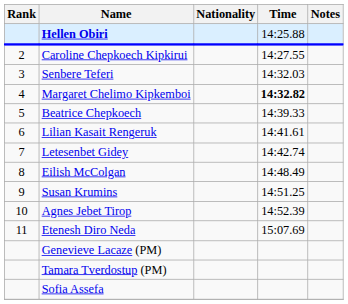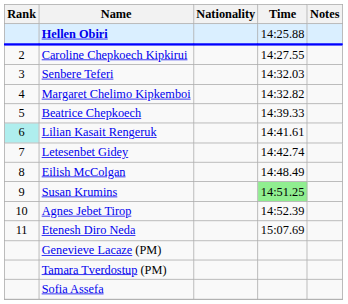 <table class="wikitable sortable" style="text-align:center">
 <tr>
 <th>Rank</th>
 <th>Name</th>
 <th>Nationality</th>
 <th>Time</th>
 <th>Notes</th>
 </tr>
 <tr bgcolor=#daefff>
 <td></td>
 <td align=left><strong><a href='#'>Hellen Obiri</a></strong></td>
 <td align=left><strong></strong></td>
 <td>14:25.88</td>
 <td></td>
 </tr>
 <tr style="border-top:3px solid blue;">
 <td>2</td>
 <td align=left><a href='#'>Caroline Chepkoech Kipkirui</a></td>
 <td align=left></td>
 <td>14:27.55</td>
 <td></td>
 </tr>
 <tr>
 <td>3</td>
 <td align=left><a href='#'>Senbere Teferi</a></td>
 <td align=left></td>
 <td>14:32.03</td>
 <td></td>
 </tr>
 <tr>
 <td>4</td>
 <td align=left><a href='#'>Margaret Chelimo Kipkemboi</a></td>
 <td align=left></td>
-<td><strong>14:32.82</strong></td>
+<td>14:32.82</td>
 <td></td>
 </tr>
 <tr>
 <td>5</td>
 <td align=left><a href='#'>Beatrice Chepkoech</a></td>
 <td align=left></td>
 <td>14:39.33</td>
 <td></td>
 </tr>
 <tr>
-<td>6</td>
+<td style="background: paleturquoise;">6</td>
 <td align=left><a href='#'>Lilian Kasait Rengeruk</a></td>
 <td align=left></td>
 <td>14:41.61</td>
 <td></td>
 </tr>
 <tr>
 <td>7</td>
 <td align=left><a href='#'>Letesenbet Gidey</a></td>
 <td align=left></td>
 <td>14:42.74</td>
 <td></td>
 </tr>
 <tr>
 <td>8</td>
 <td align=left><a href='#'>Eilish McColgan</a></td>
 <td align=left></td>
 <td>14:48.49</td>
 <td></td>
 </tr>
 <tr>
 <td>9</td>
 <td align=left><a href='#'>Susan Krumins</a></td>
 <td align=left></td>
-<td>14:51.25</td>
+<td style="background: lightgreen;">14:51.25</td>
 <td></td>
 </tr>
 <tr>
 <td>10</td>
 <td align=left><a href='#'>Agnes Jebet Tirop</a></td>
 <td align=left></td>
 <td>14:52.39</td>
 <td></td>
 </tr>
 <tr>
 <td>11</td>
 <td align=left><a href='#'>Etenesh Diro Neda</a></td>
 <td align=left></td>
 <td>15:07.69</td>
 <td></td>
 </tr>
 <tr>
 <td></td>
 <td align=left><a href='#'>Genevieve Lacaze</a> (PM)</td>
 <td align=left></td>
 <td></td>
 <td></td>
 </tr>
 <tr>
 <td></td>
 <td align=left><a href='#'>Tamara Tverdostup</a> (PM)</td>
 <td align=left></td>
 <td></td>
 <td></td>
 </tr>
 <tr>
 <td></td>
 <td align=left><a href='#'>Sofia Assefa</a></td>
 <td align=left></td>
 <td></td>
 <td></td>
 </tr>
 <tr>
 </tr>
 </table>
